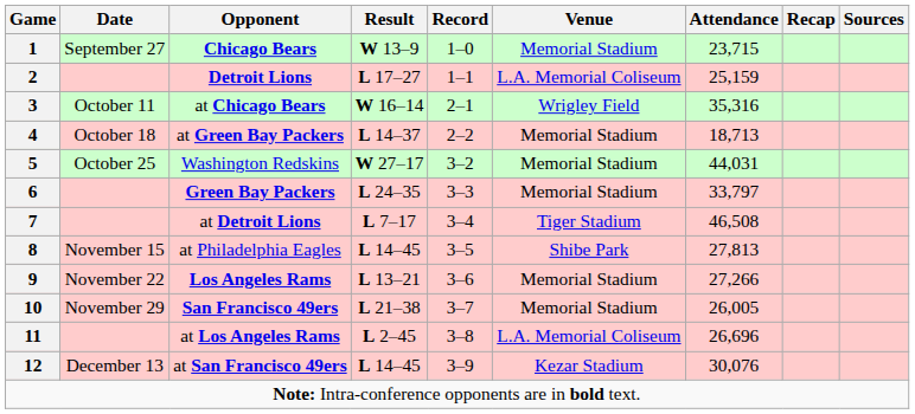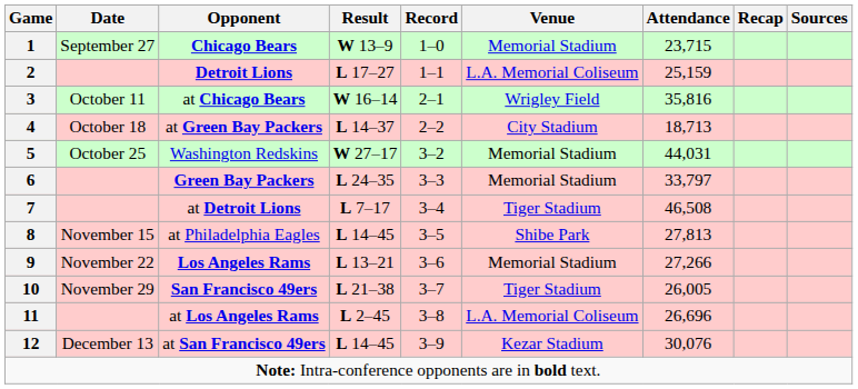 <table class="wikitable" style="text-align:center">
 <tr>
 <th>Game</th>
 <th>Date</th>
 <th>Opponent</th>
 <th>Result</th>
 <th>Record</th>
 <th>Venue</th>
 <th>Attendance</th>
 <th>Recap</th>
 <th>Sources</th>
 </tr>
 <tr style="background:#cfc">
 <th>1</th>
 <td>September 27</td>
 <td><strong><a href='#'>Chicago Bears</a></strong></td>
 <td><strong>W</strong> 13–9</td>
 <td>1–0</td>
 <td><a href='#'>Memorial Stadium</a></td>
 <td>23,715</td>
 <td></td>
 <td></td>
 </tr>
 <tr style="background:#fcc">
 <th>2</th>
 <td></td>
 <td><strong><a href='#'>Detroit Lions</a></strong></td>
 <td><strong>L</strong> 17–27</td>
 <td>1–1</td>
 <td><a href='#'>L.A. Memorial Coliseum</a></td>
 <td>25,159</td>
 <td></td>
 <td></td>
 </tr>
 <tr style="background:#cfc">
 <th>3</th>
 <td>October 11</td>
 <td>at <strong><a href='#'>Chicago Bears</a></strong></td>
 <td><strong>W</strong> 16–14</td>
 <td>2–1</td>
 <td><a href='#'>Wrigley Field</a></td>
-<td>35,316</td>
+<td>35,816</td>
 <td></td>
 <td></td>
 </tr>
 <tr style="background:#fcc">
 <th>4</th>
 <td>October 18</td>
 <td>at <strong><a href='#'>Green Bay Packers</a></strong></td>
 <td><strong>L</strong> 14–37</td>
 <td>2–2</td>
-<td>Memorial Stadium</td>
+<td><a href='#'>City Stadium</a></td>
 <td>18,713</td>
 <td></td>
 <td></td>
 </tr>
 <tr style="background:#cfc">
 <th>5</th>
 <td>October 25</td>
 <td><a href='#'>Washington Redskins</a></td>
 <td><strong>W</strong> 27–17</td>
 <td>3–2</td>
 <td>Memorial Stadium</td>
 <td>44,031</td>
 <td></td>
 <td></td>
 </tr>
 <tr style="background:#fcc">
 <th>6</th>
 <td></td>
 <td><strong><a href='#'>Green Bay Packers</a></strong></td>
 <td><strong>L</strong> 24–35</td>
 <td>3–3</td>
 <td>Memorial Stadium</td>
 <td>33,797</td>
 <td></td>
 <td></td>
 </tr>
 <tr style="background:#fcc">
 <th>7</th>
 <td></td>
 <td>at <strong><a href='#'>Detroit Lions</a></strong></td>
 <td><strong>L</strong> 7–17</td>
 <td>3–4</td>
 <td><a href='#'>Tiger Stadium</a></td>
 <td>46,508</td>
 <td></td>
 <td></td>
 </tr>
 <tr style="background:#fcc">
 <th>8</th>
 <td>November 15</td>
 <td>at <a href='#'>Philadelphia Eagles</a></td>
 <td><strong>L</strong> 14–45</td>
 <td>3–5</td>
 <td><a href='#'>Shibe Park</a></td>
 <td>27,813</td>
 <td></td>
 <td></td>
 </tr>
 <tr style="background:#fcc">
 <th>9</th>
 <td>November 22</td>
 <td><strong><a href='#'>Los Angeles Rams</a></strong></td>
 <td><strong>L</strong> 13–21</td>
 <td>3–6</td>
 <td>Memorial Stadium</td>
 <td>27,266</td>
 <td></td>
 <td></td>
 </tr>
 <tr style="background:#fcc">
 <th>10</th>
 <td>November 29</td>
 <td><strong><a href='#'>San Francisco 49ers</a></strong></td>
 <td><strong>L</strong> 21–38</td>
 <td>3–7</td>
-<td>Memorial Stadium</td>
+<td><a href='#'>Tiger Stadium</a></td>
 <td>26,005</td>
 <td></td>
 <td></td>
 </tr>
 <tr style="background:#fcc">
 <th>11</th>
 <td></td>
 <td>at <strong><a href='#'>Los Angeles Rams</a></strong></td>
 <td><strong>L</strong> 2–45</td>
 <td>3–8</td>
 <td><a href='#'>L.A. Memorial Coliseum</a></td>
 <td>26,696</td>
 <td></td>
 <td></td>
 </tr>
 <tr style="background:#fcc">
 <th>12</th>
 <td>December 13</td>
 <td>at <strong><a href='#'>San Francisco 49ers</a></strong></td>
 <td><strong>L</strong> 14–45</td>
 <td>3–9</td>
 <td><a href='#'>Kezar Stadium</a></td>
 <td>30,076</td>
 <td></td>
 <td></td>
 </tr>
 <tr>
 <td colspan="10"><strong>Note:</strong> Intra-conference opponents are in <strong>bold</strong> text.</td>
 </tr>
 </table>
